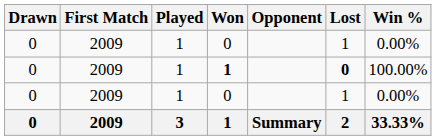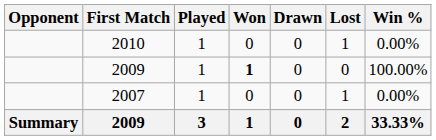 <table class="wikitable sortable" style="text-align:center;">
 <tr>
-<th>Drawn</th>
+<th>Opponent</th>
 <th>First Match</th>
 <th>Played</th>
 <th>Won</th>
-<th>Opponent</th>
+<th>Drawn</th>
 <th>Lost</th>
 <th>Win %</th>
 </tr>
 <tr>
-<td>0</td>
-<td>2009</td>
+<td style="text-align: left;"></td>
+<td>2010</td>
 <td>1</td>
 <td>0</td>
-<td style="text-align: left;"></td>
+<td>0</td>
 <td>1</td>
 <td>0.00%</td>
 </tr>
 <tr>
-<td>0</td>
+<td style="text-align: left;"></td>
 <td>2009</td>
 <td>1</td>
 <td><strong>1</strong></td>
-<td style="text-align: left;"></td>
-<td><strong>0</strong></td>
+<td>0</td>
+<td>0</td>
 <td>100.00%</td>
 </tr>
 <tr>
-<td>0</td>
-<td>2009</td>
+<td style="text-align: left;"></td>
+<td>2007</td>
 <td>1</td>
 <td>0</td>
-<td style="text-align: left;"></td>
+<td>0</td>
 <td>1</td>
 <td>0.00%</td>
 </tr>
 <tr>
-<th>0</th>
+<th>Summary</th>
 <th>2009</th>
 <th>3</th>
 <th>1</th>
-<th>Summary</th>
+<th>0</th>
 <th>2</th>
 <th>33.33%</th>
 </tr>
 </table>
